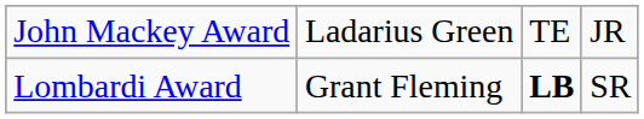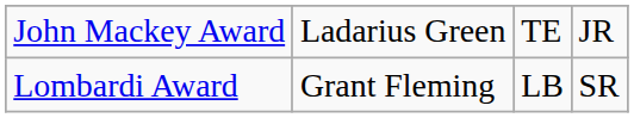 <table class="wikitable">
 <tr>
 <td><a href='#'>John Mackey Award</a></td>
 <td>Ladarius Green</td>
 <td>TE</td>
 <td>JR</td>
 </tr>
 <tr>
 <td><a href='#'>Lombardi Award</a></td>
 <td>Grant Fleming</td>
-<td><strong>LB</strong></td>
+<td>LB</td>
 <td>SR</td>
 </tr>
 </table>
